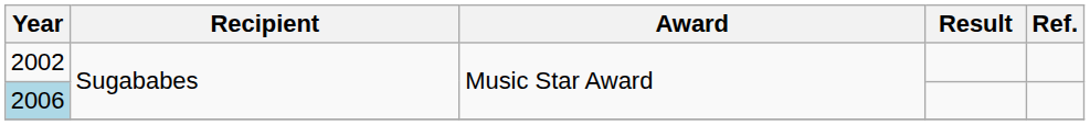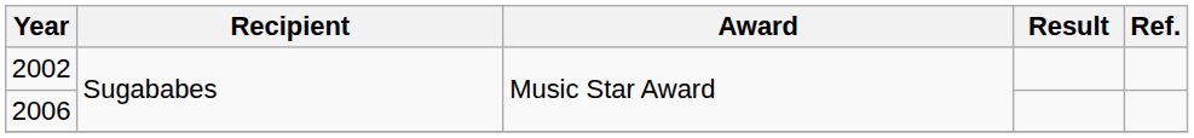 <table class="wikitable">
 <tr>
 <th>Year</th>
 <th width="250">Recipient</th>
 <th width="300">Award</th>
 <th width="60">Result</th>
 <th>Ref.</th>
 </tr>
 <tr>
 <td>2002</td>
 <td rowspan="2">Sugababes</td>
 <td rowspan="2">Music Star Award</td>
 <td></td>
 <td align="center"></td>
 </tr>
 <tr>
-<td style="background: lightblue;">2006</td>
+<td>2006</td>
 <td></td>
 <td align="center"></td>
 </tr>
 <tr>
 </tr>
 </table>
